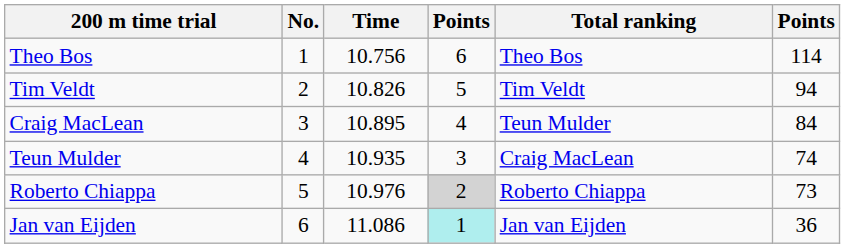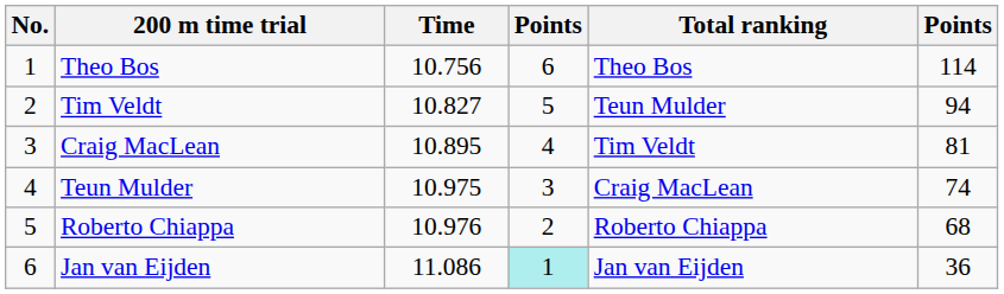 <table class="wikitable">
 <tr>
+<th width="20px">No.</th>
 <th width="200px">200 m time trial</th>
-<th width="20px">No.</th>
 <th width="70px">Time</th>
 <th width="40px">Points</th>
 <th width="200px">Total ranking</th>
 <th width="40px">Points</th>
 </tr>
 <tr align=center>
+<td>1</td>
 <td align=left> <a href='#'>Theo Bos</a></td>
-<td>1</td>
 <td>10.756</td>
 <td>6</td>
 <td align=left> <a href='#'>Theo Bos</a></td>
 <td>114</td>
 </tr>
 <tr align=center>
+<td>2</td>
 <td align=left> <a href='#'>Tim Veldt</a></td>
-<td>2</td>
-<td>10.826</td>
+<td>10.827</td>
 <td>5</td>
-<td align=left> <a href='#'>Tim Veldt</a></td>
+<td align=left> <a href='#'>Teun Mulder</a></td>
 <td>94</td>
 </tr>
 <tr align=center>
+<td>3</td>
 <td align=left> <a href='#'>Craig MacLean</a></td>
-<td>3</td>
 <td>10.895</td>
 <td>4</td>
-<td align=left> <a href='#'>Teun Mulder</a></td>
-<td>84</td>
+<td align=left> <a href='#'>Tim Veldt</a></td>
+<td>81</td>
 </tr>
 <tr align=center>
+<td>4</td>
 <td align=left> <a href='#'>Teun Mulder</a></td>
-<td>4</td>
-<td>10.935</td>
+<td>10.975</td>
 <td>3</td>
 <td align=left> <a href='#'>Craig MacLean</a></td>
 <td>74</td>
 </tr>
 <tr align=center>
+<td>5</td>
 <td align=left> <a href='#'>Roberto Chiappa</a></td>
-<td>5</td>
 <td>10.976</td>
-<td style="background: lightgrey;">2</td>
+<td>2</td>
 <td align=left> <a href='#'>Roberto Chiappa</a></td>
-<td>73</td>
+<td>68</td>
 </tr>
 <tr align=center>
+<td>6</td>
 <td align=left> <a href='#'>Jan van Eijden</a></td>
-<td>6</td>
 <td>11.086</td>
 <td style="background: paleturquoise;">1</td>
 <td align=left> <a href='#'>Jan van Eijden</a></td>
 <td>36</td>
 </tr>
 </table>
